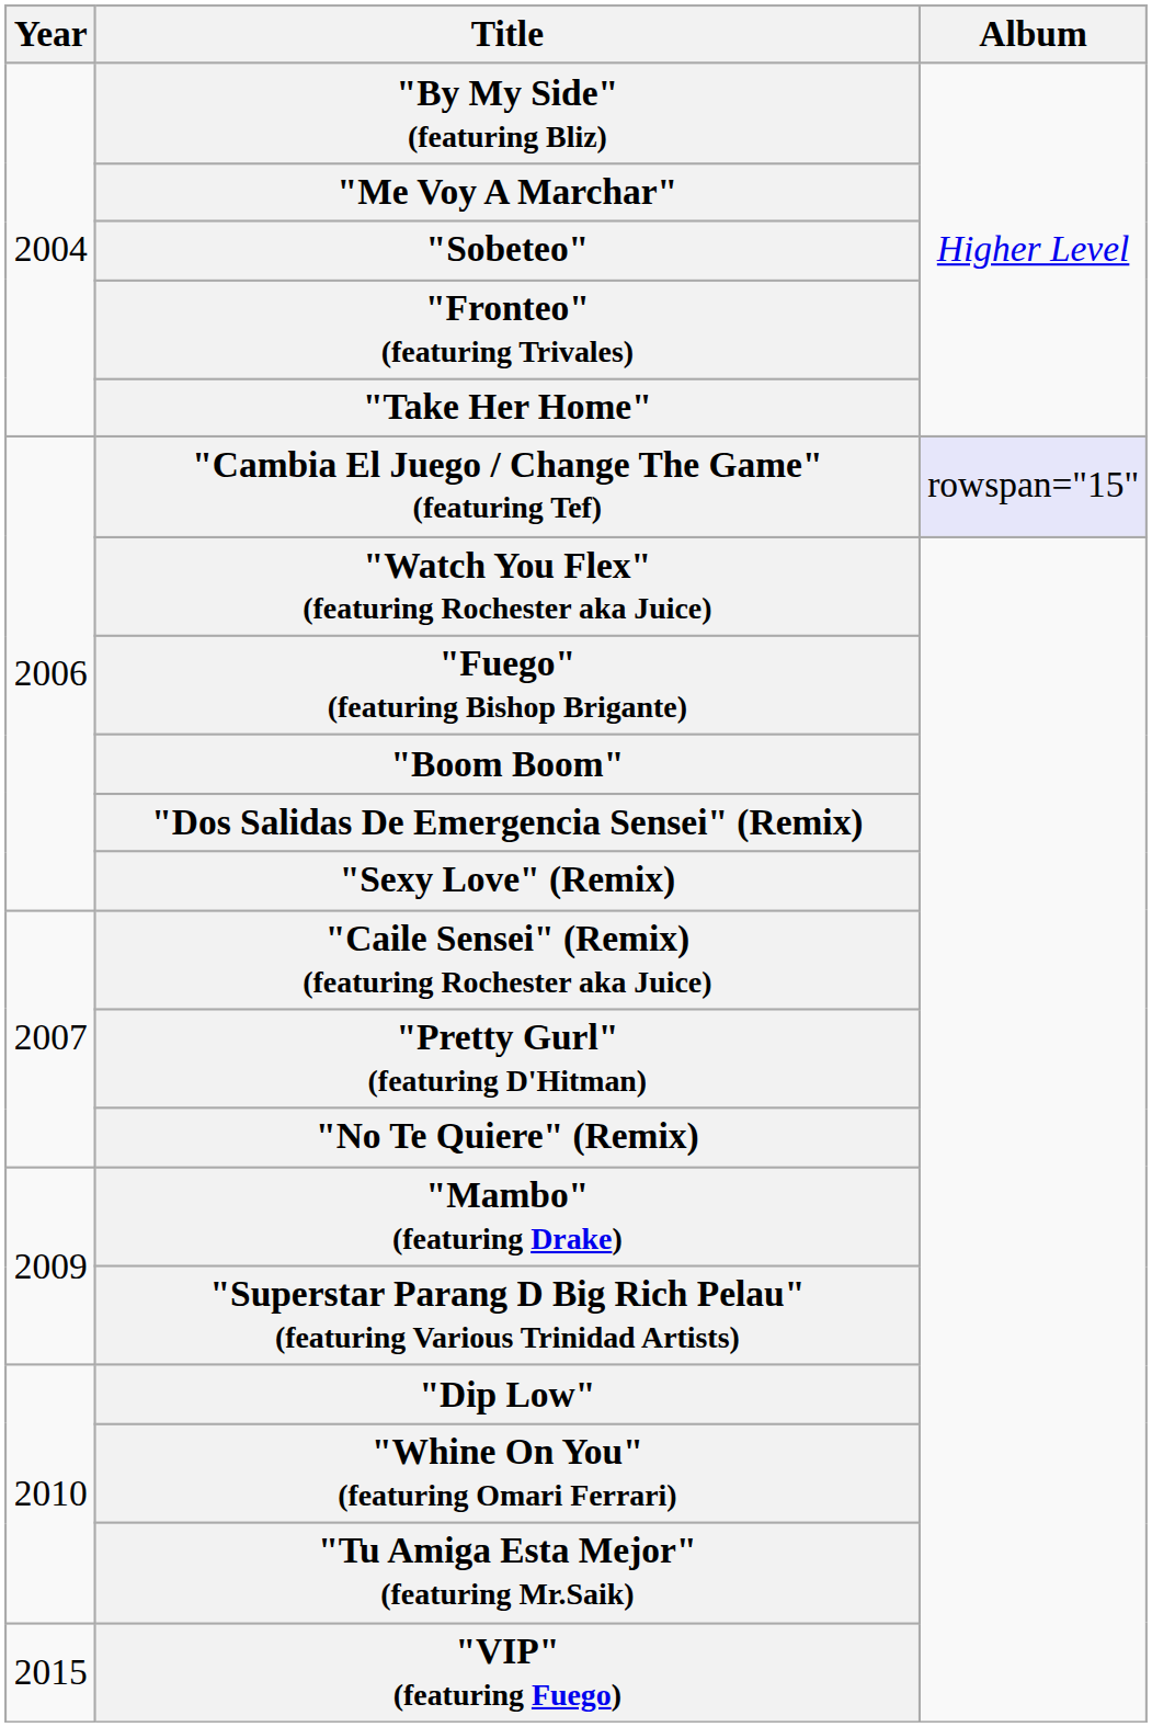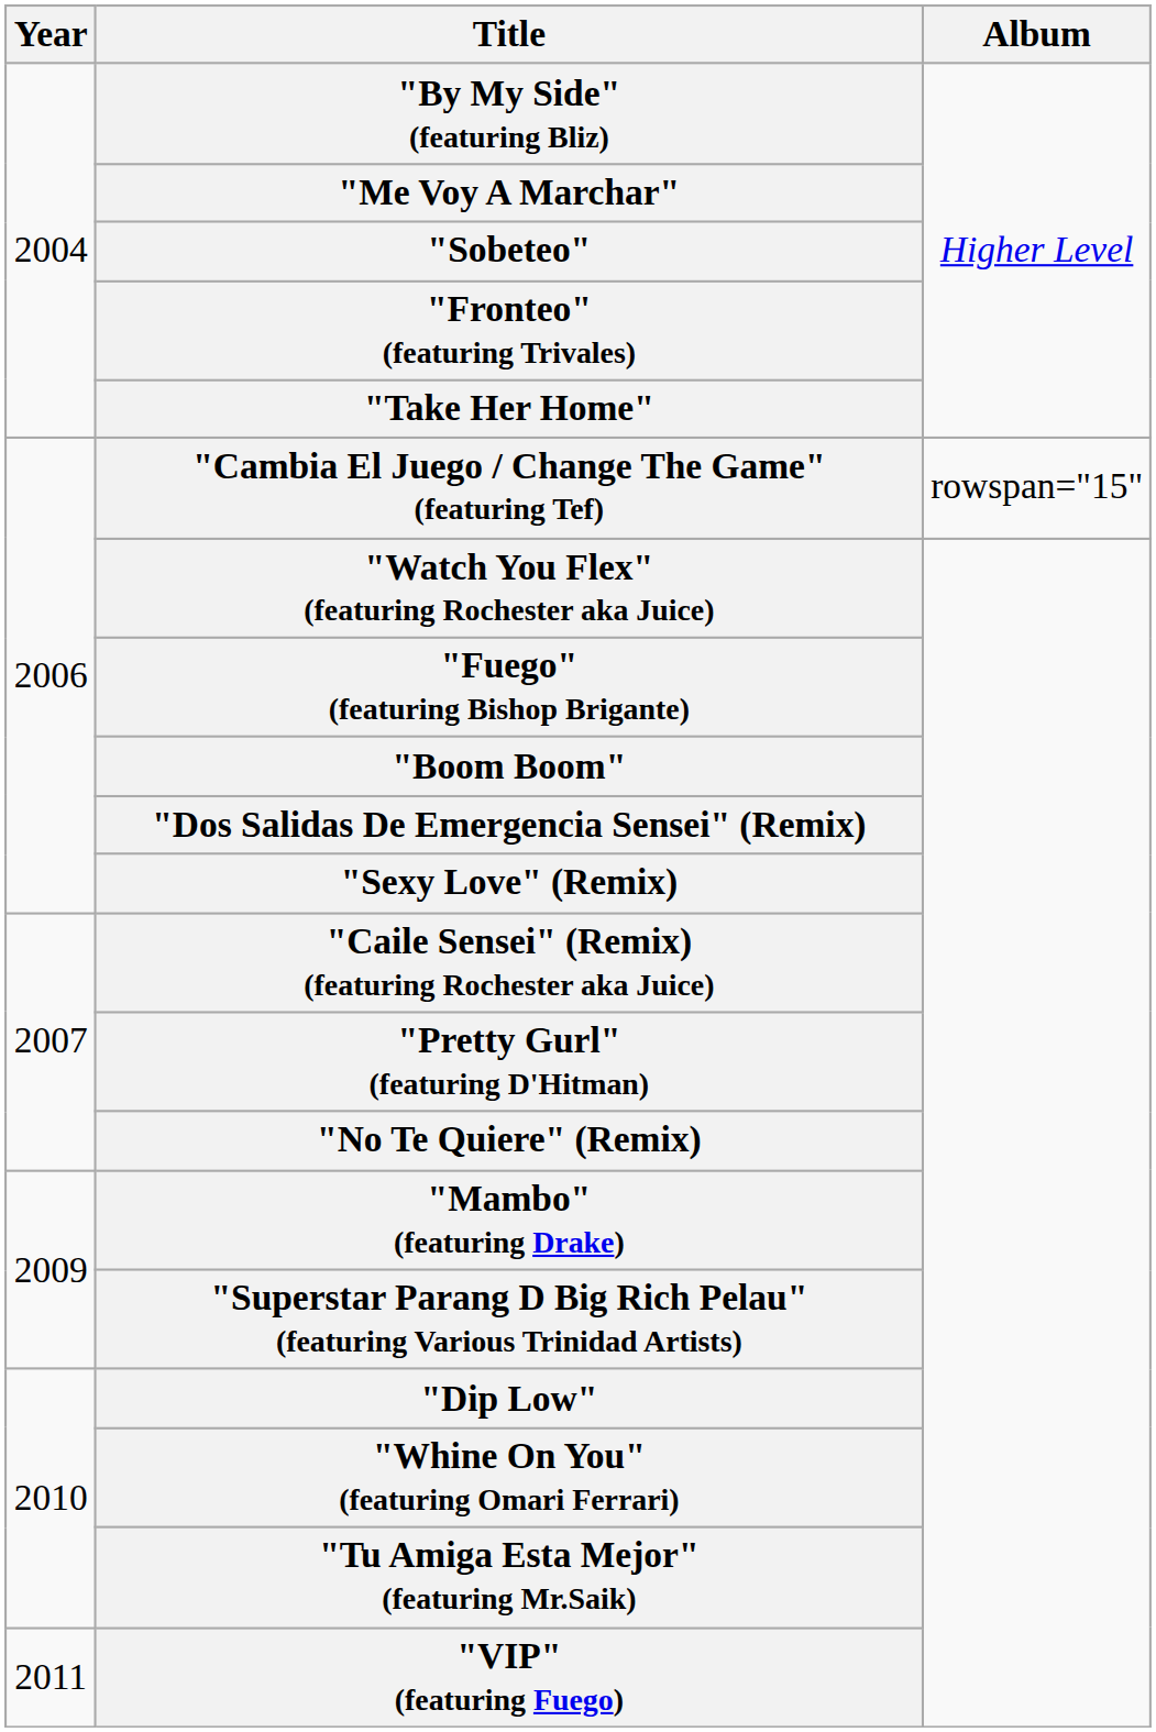 <table class="wikitable plainrowheaders" style="text-align:center;">
 <tr>
 <th scope="col" style="width:1em;">Year</th>
 <th scope="col" style="width:22em;">Title</th>
 <th scope="col">Album</th>
 </tr>
 <tr>
 <td rowspan="5">2004</td>
 <th scope="row">"By My Side"<br><small>(featuring Bliz)</small></th>
 <td rowspan="5"><em><a href='#'>Higher Level</a></em></td>
 </tr>
 <tr>
 <th scope="row">"Me Voy A Marchar"</th>
 </tr>
 <tr>
 <th scope="row">"Sobeteo"</th>
 </tr>
 <tr>
 <th scope="row">"Fronteo"<br><small>(featuring Trivales)</small></th>
 </tr>
 <tr>
 <th scope="row">"Take Her Home"</th>
 </tr>
 <tr>
 <td rowspan="6">2006</td>
 <th scope="row">"Cambia El Juego / Change The Game"<br><small>(featuring Tef)</small></th>
-<td style="background: lavender;">rowspan="15" </td>
+<td>rowspan="15" </td>
 </tr>
 <tr>
 <th scope="row">"Watch You Flex"<br><small>(featuring Rochester aka Juice)</small></th>
 </tr>
 <tr>
 <th scope="row">"Fuego"<br><small>(featuring Bishop Brigante)</small></th>
 </tr>
 <tr>
 <th scope="row">"Boom Boom"</th>
 </tr>
 <tr>
 <th scope="row">"Dos Salidas De Emergencia Sensei" (Remix)</th>
 </tr>
 <tr>
 <th scope="row">"Sexy Love" (Remix)</th>
 </tr>
 <tr>
 <td rowspan="3">2007</td>
 <th scope="row">"Caile Sensei" (Remix)<br><small>(featuring Rochester aka Juice)</small></th>
 </tr>
 <tr>
 <th scope="row">"Pretty Gurl"<br><small>(featuring D'Hitman)</small></th>
 </tr>
 <tr>
 <th scope="row">"No Te Quiere" (Remix)</th>
 </tr>
 <tr>
 <td rowspan="2">2009</td>
 <th scope="row">"Mambo"<br><small>(featuring <a href='#'>Drake</a>)</small></th>
 </tr>
 <tr>
 <th scope="row">"Superstar Parang D Big Rich Pelau"<br><small>(featuring Various Trinidad Artists)</small></th>
 </tr>
 <tr>
 <td rowspan="3">2010</td>
 <th scope="row">"Dip Low"</th>
 </tr>
 <tr>
 <th scope="row">"Whine On You"<br><small>(featuring Omari Ferrari)</small></th>
 </tr>
 <tr>
 <th scope="row">"Tu Amiga Esta Mejor"<br><small>(featuring Mr.Saik)</small></th>
 </tr>
 <tr>
-<td>2015</td>
+<td>2011</td>
 <th scope="row">"VIP"<br><small>(featuring <a href='#'>Fuego</a>)</small></th>
 </tr>
 </table>
